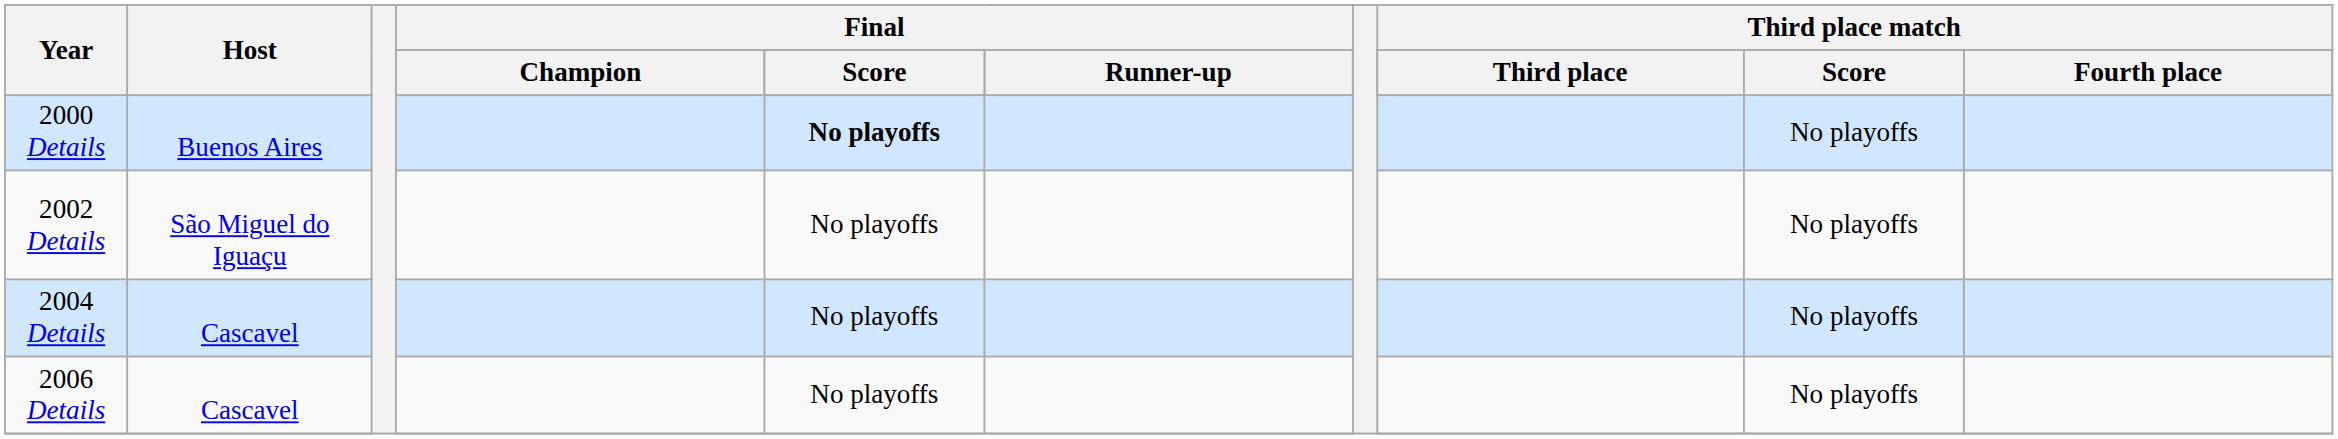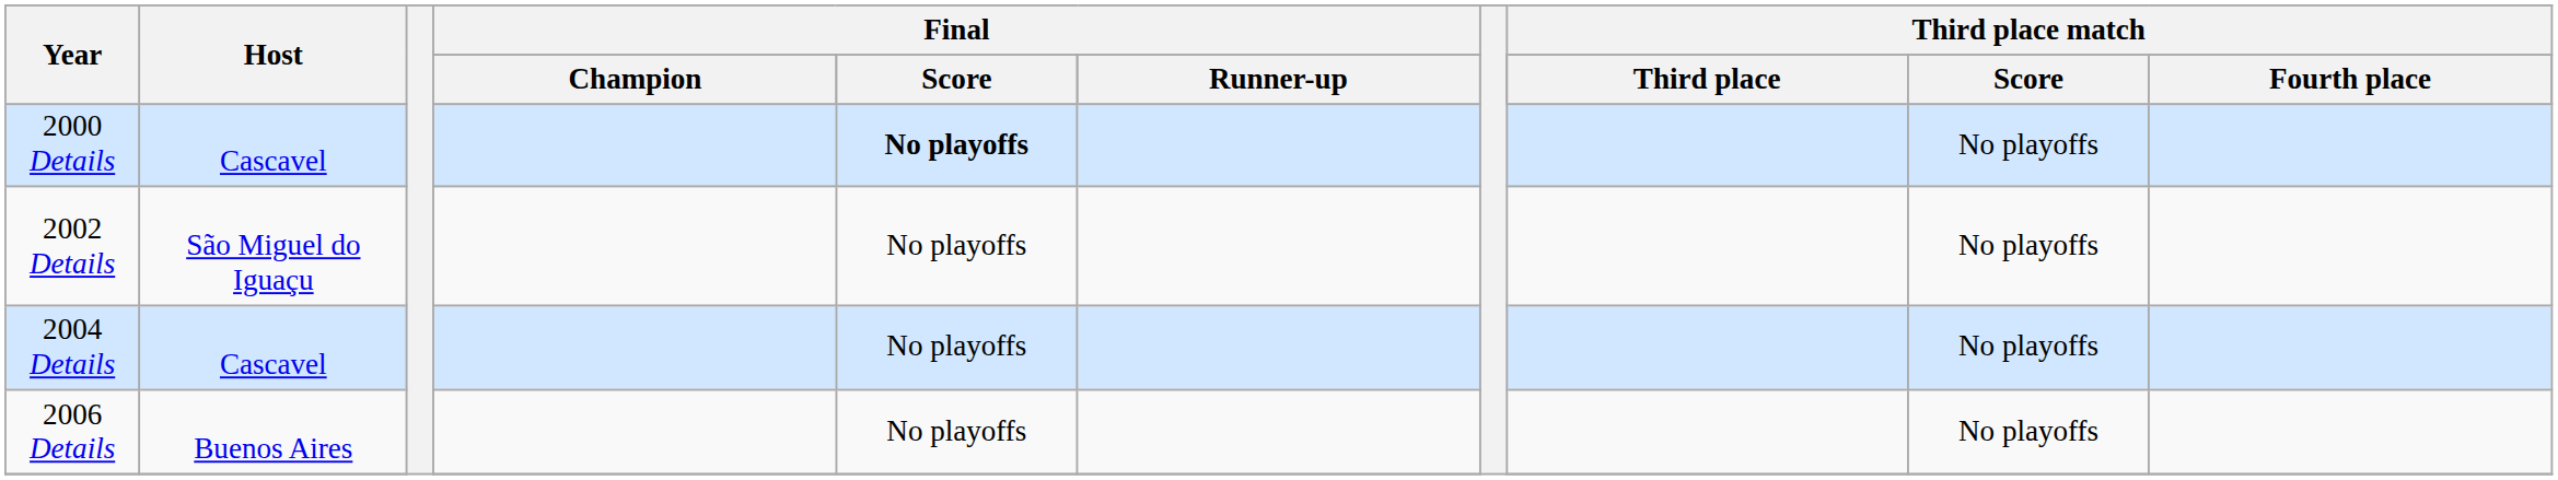 <table class="wikitable" style="font-size:90%; width: 98%; text-align: center;">
 <tr bgcolor=#C1D8FF>
 <th rowspan=2 width=5%>Year</th>
 <th rowspan=2 width=10%>Host</th>
 <th width=1% rowspan=100 bgcolor=ffffff></th>
 <th colspan=3>Final</th>
 <th width=1% rowspan=100 bgcolor=ffffff></th>
 <th colspan=3>Third place match</th>
 </tr>
 <tr bgcolor=FEF>
 <th width=15%>Champion</th>
 <th width=9%>Score</th>
 <th width=15%>Runner-up</th>
 <th width=15%>Third place</th>
 <th width=9%>Score</th>
 <th width=15%>Fourth place</th>
 </tr>
 <tr bgcolor=#D0E7FF>
 <td>2000<br><em><a href='#'>Details</a></em></td>
-<td><br><a href='#'>Buenos Aires</a></td>
+<td><br><a href='#'>Cascavel</a></td>
 <td><strong></strong></td>
 <td><strong><span>No playoffs</span></strong></td>
 <td></td>
 <td></td>
 <td><span>No playoffs</span></td>
 <td></td>
 </tr>
 <tr>
 <td>2002<br><em><a href='#'>Details</a></em></td>
 <td><br><a href='#'>São Miguel do Iguaçu</a></td>
 <td><strong></strong></td>
 <td><span>No playoffs</span></td>
 <td></td>
 <td></td>
 <td><span>No playoffs</span></td>
 <td></td>
 </tr>
 <tr bgcolor=#D0E7FF>
 <td>2004<br><em><a href='#'>Details</a></em></td>
 <td><br><a href='#'>Cascavel</a></td>
 <td><strong></strong></td>
 <td><span>No playoffs</span></td>
 <td></td>
 <td></td>
 <td><span>No playoffs</span></td>
 <td></td>
 </tr>
 <tr>
 <td>2006<br><em><a href='#'>Details</a></em></td>
-<td><br><a href='#'>Cascavel</a></td>
+<td><br><a href='#'>Buenos Aires</a></td>
 <td><strong></strong></td>
 <td><span>No playoffs</span></td>
 <td></td>
 <td></td>
 <td><span>No playoffs</span></td>
 <td></td>
 </tr>
 <tr>
 </tr>
 </table>
